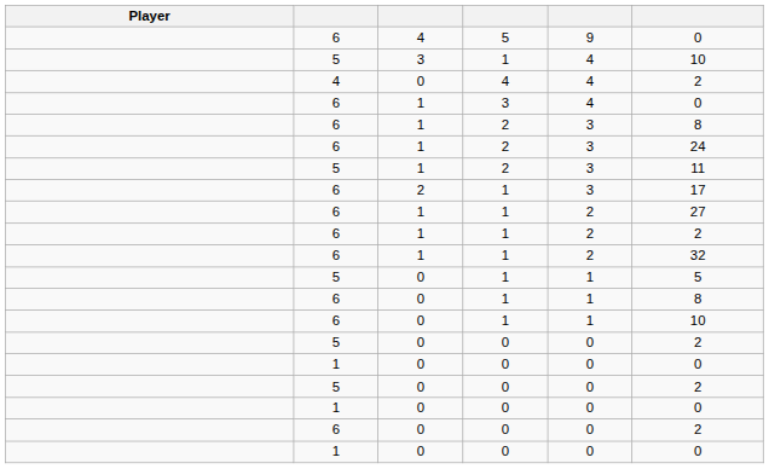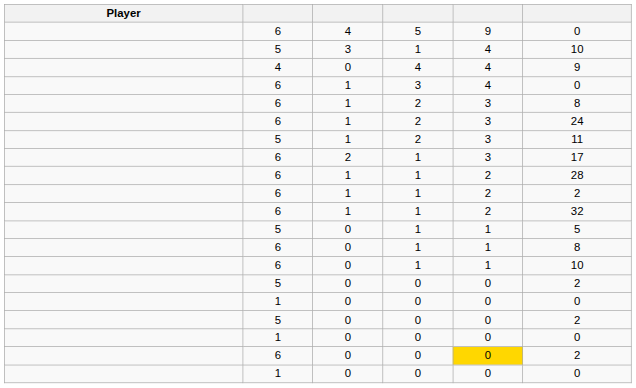 <table class="wikitable sortable" style="width:100%;">
 <tr align=center>
 <th>Player</th>
 <th></th>
 <th></th>
 <th></th>
 <th></th>
 <th></th>
 </tr>
 <tr align=center>
 <td></td>
 <td>6</td>
 <td>4</td>
 <td>5</td>
 <td>9</td>
 <td>0</td>
 </tr>
 <tr align=center>
 <td></td>
 <td>5</td>
 <td>3</td>
 <td>1</td>
 <td>4</td>
 <td>10</td>
 </tr>
 <tr align=center>
 <td></td>
 <td>4</td>
 <td>0</td>
 <td>4</td>
 <td>4</td>
-<td>2</td>
+<td>9</td>
 </tr>
 <tr align=center>
 <td></td>
 <td>6</td>
 <td>1</td>
 <td>3</td>
 <td>4</td>
 <td>0</td>
 </tr>
 <tr align=center>
 <td></td>
 <td>6</td>
 <td>1</td>
 <td>2</td>
 <td>3</td>
 <td>8</td>
 </tr>
 <tr align=center>
 <td></td>
 <td>6</td>
 <td>1</td>
 <td>2</td>
 <td>3</td>
 <td>24</td>
 </tr>
 <tr align=center>
 <td></td>
 <td>5</td>
 <td>1</td>
 <td>2</td>
 <td>3</td>
 <td>11</td>
 </tr>
 <tr align=center>
 <td></td>
 <td>6</td>
 <td>2</td>
 <td>1</td>
 <td>3</td>
 <td>17</td>
 </tr>
 <tr align=center>
 <td></td>
 <td>6</td>
 <td>1</td>
 <td>1</td>
 <td>2</td>
-<td>27</td>
+<td>28</td>
 </tr>
 <tr align=center>
 <td></td>
 <td>6</td>
 <td>1</td>
 <td>1</td>
 <td>2</td>
 <td>2</td>
 </tr>
 <tr align=center>
 <td></td>
 <td>6</td>
 <td>1</td>
 <td>1</td>
 <td>2</td>
 <td>32</td>
 </tr>
 <tr align=center>
 <td></td>
 <td>5</td>
 <td>0</td>
 <td>1</td>
 <td>1</td>
 <td>5</td>
 </tr>
 <tr align=center>
 <td></td>
 <td>6</td>
 <td>0</td>
 <td>1</td>
 <td>1</td>
 <td>8</td>
 </tr>
 <tr align=center>
 <td></td>
 <td>6</td>
 <td>0</td>
 <td>1</td>
 <td>1</td>
 <td>10</td>
 </tr>
 <tr align=center>
 <td></td>
 <td>5</td>
 <td>0</td>
 <td>0</td>
 <td>0</td>
 <td>2</td>
 </tr>
 <tr align=center>
 <td></td>
 <td>1</td>
 <td>0</td>
 <td>0</td>
 <td>0</td>
 <td>0</td>
 </tr>
 <tr align=center>
 <td></td>
 <td>5</td>
 <td>0</td>
 <td>0</td>
 <td>0</td>
 <td>2</td>
 </tr>
 <tr align=center>
 <td></td>
 <td>1</td>
 <td>0</td>
 <td>0</td>
 <td>0</td>
 <td>0</td>
 </tr>
 <tr align=center>
 <td></td>
 <td>6</td>
 <td>0</td>
 <td>0</td>
-<td>0</td>
+<td style="background: gold;">0</td>
 <td>2</td>
 </tr>
 <tr align=center>
 <td></td>
 <td>1</td>
 <td>0</td>
 <td>0</td>
 <td>0</td>
 <td>0</td>
 </tr>
 </table>
